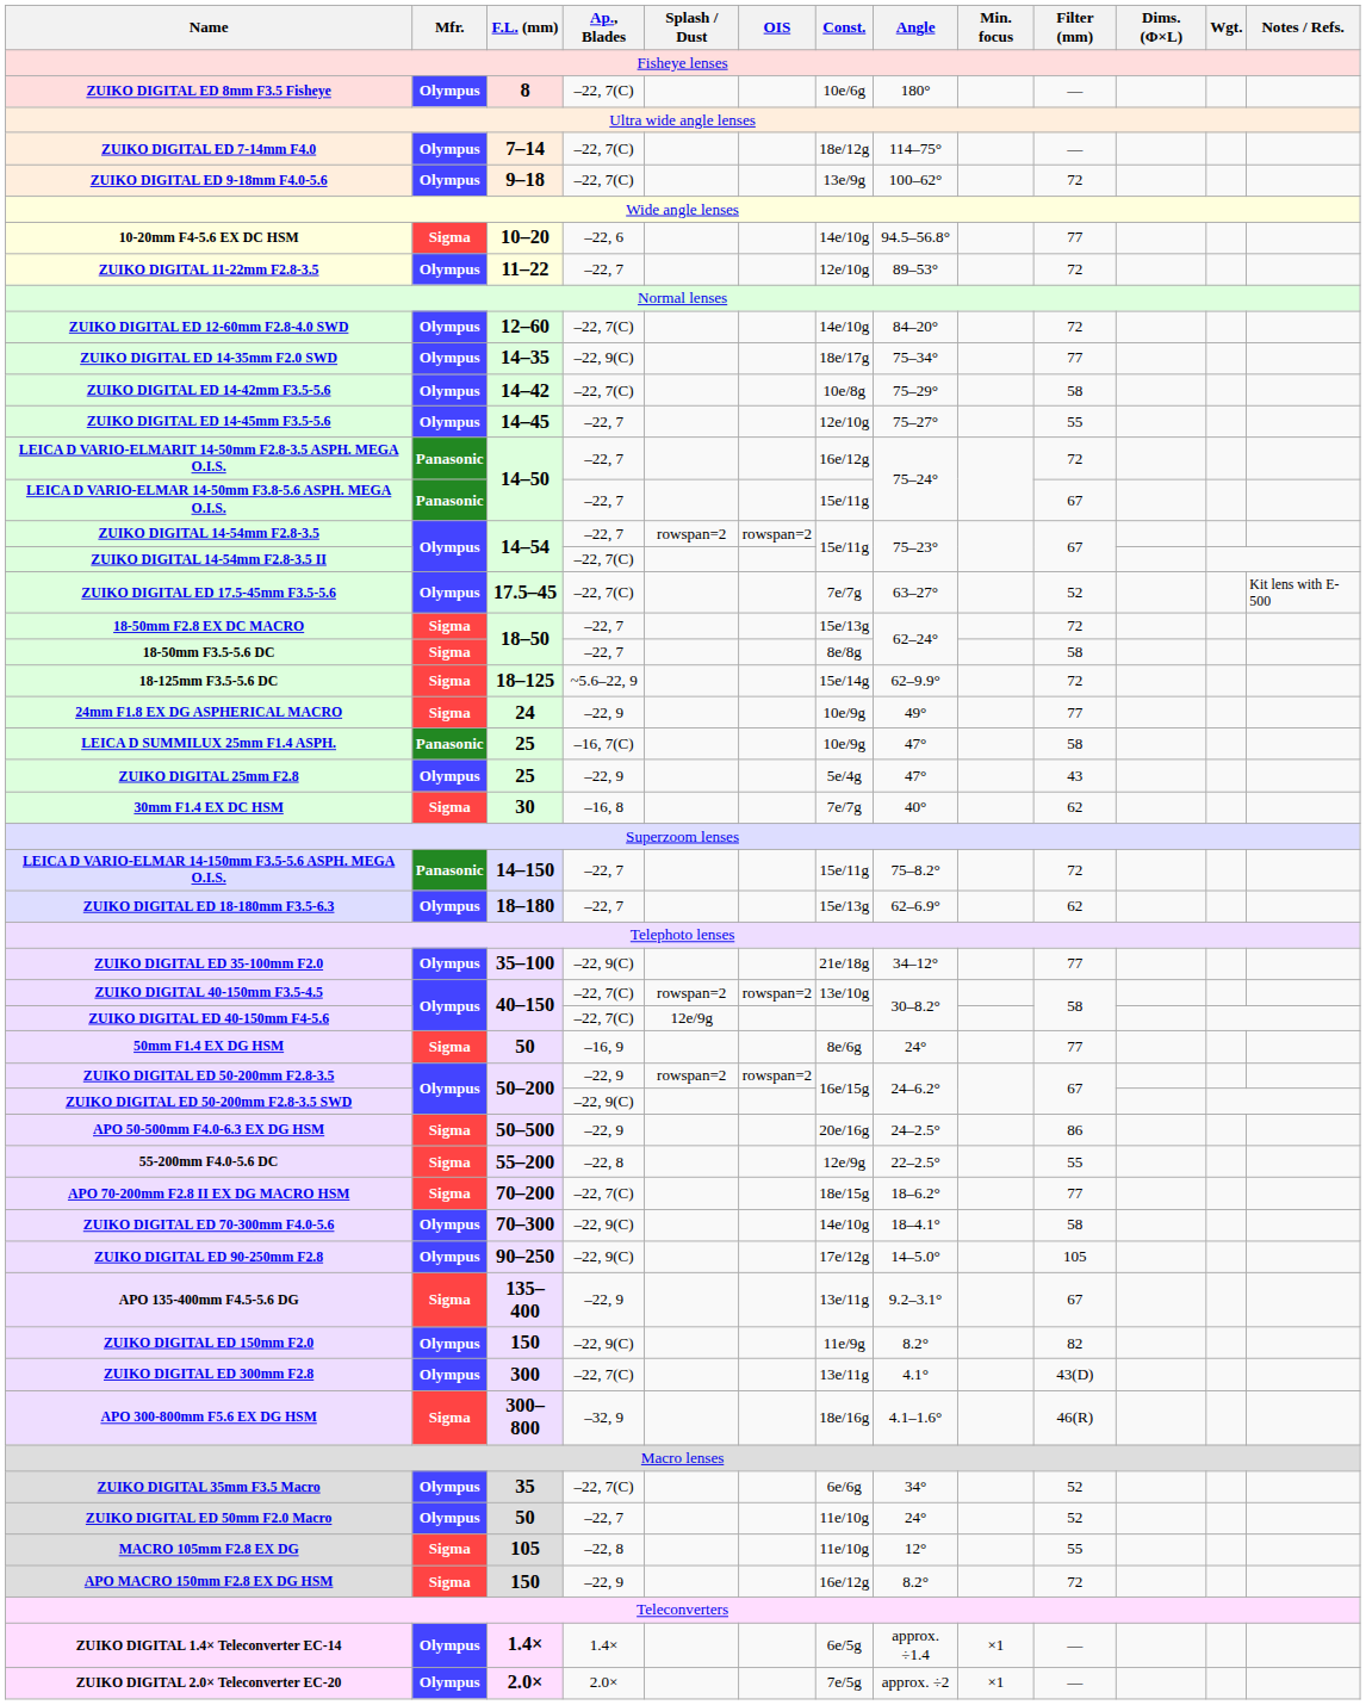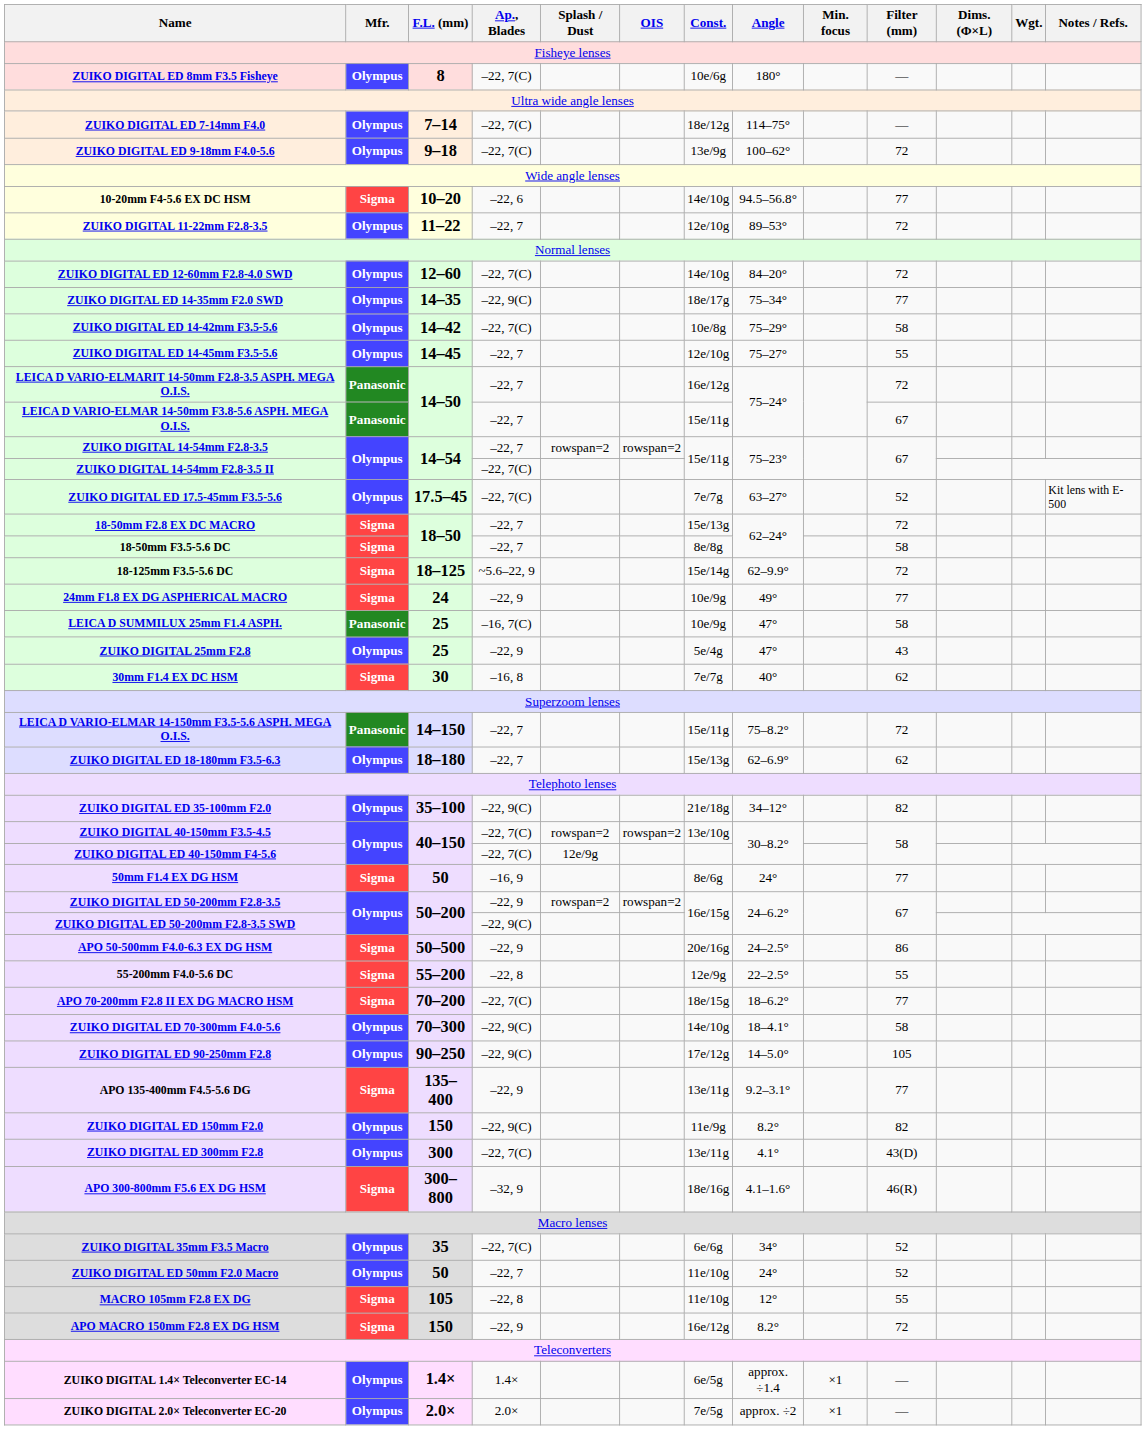 <table class="wikitable sortable" style="font-size:90%;text-align:center;">
 <tr>
 <th>Name</th>
 <th>Mfr.</th>
 <th><a href='#'>F.L.</a> (mm)</th>
 <th><a href='#'>Ap.</a>, Blades</th>
 <th>Splash / Dust</th>
 <th><a href='#'>OIS</a></th>
 <th><a href='#'>Const.</a></th>
 <th><a href='#'>Angle</a></th>
 <th>Min. focus</th>
 <th>Filter (mm)</th>
 <th>Dims. (Φ×L)</th>
 <th>Wgt.</th>
 <th class="unsortable">Notes / Refs.</th>
 </tr>
 <tr>
 <td colspan=13 style="background:#fdd;" data-sort-value=zzz-000><a href='#'>Fisheye lenses</a></td>
 </tr>
 <tr>
 <th style="background:#fdd;font-size:90%;"><a href='#'>ZUIKO DIGITAL ED 8mm F3.5 Fisheye</a></th>
 <th style="background:#44f;color:#fff;">Olympus</th>
 <th style="background:#fdd;font-size:125%">8</th>
 <td>–22, 7(C)</td>
 <td></td>
 <td></td>
 <td>10e/6g</td>
 <td>180°</td>
 <td></td>
 <td>—</td>
 <td></td>
 <td></td>
 <td style="font-size:90%;text-align:left;"></td>
 </tr>
 <tr>
 <td colspan=13 style="background:#fed;" data-sort-value=zzz-001><a href='#'>Ultra wide angle lenses</a></td>
 </tr>
 <tr>
 <th style="background:#fed;font-size:90%;"><a href='#'>ZUIKO DIGITAL ED 7-14mm F4.0</a></th>
 <th style="background:#44f;color:#fff;">Olympus</th>
 <th style="background:#fed;font-size:125%">7–14</th>
 <td>–22, 7(C)</td>
 <td></td>
 <td></td>
 <td>18e/12g</td>
 <td>114–75°</td>
 <td></td>
 <td>—</td>
 <td></td>
 <td></td>
 <td style="font-size:90%;text-align:left;"></td>
 </tr>
 <tr>
 <th style="background:#fed;font-size:90%;"><a href='#'>ZUIKO DIGITAL ED 9-18mm F4.0-5.6</a></th>
 <th style="background:#44f;color:#fff;">Olympus</th>
 <th style="background:#fed;font-size:125%">9–18</th>
 <td>–22, 7(C)</td>
 <td></td>
 <td></td>
 <td>13e/9g</td>
 <td>100–62°</td>
 <td></td>
 <td>72</td>
 <td></td>
 <td></td>
 <td style="font-size:90%;text-align:left;"></td>
 </tr>
 <tr>
 <td colspan=13 style="background:#ffd;" data-sort-value=zzz-002><a href='#'>Wide angle lenses</a></td>
 </tr>
 <tr>
 <th style="background:#ffd;font-size:90%;">10-20mm F4-5.6 EX DC HSM</th>
 <th style="background:#f44;color:#fff;">Sigma</th>
 <th style="background:#ffd;font-size:125%">10–20</th>
 <td>–22, 6</td>
 <td></td>
 <td></td>
 <td>14e/10g</td>
 <td>94.5–56.8°</td>
 <td></td>
 <td>77</td>
 <td></td>
 <td></td>
 <td style="font-size:90%;text-align:left;"></td>
 </tr>
 <tr>
 <th style="background:#ffd;font-size:90%;"><a href='#'>ZUIKO DIGITAL 11-22mm F2.8-3.5</a></th>
 <th style="background:#44f;color:#fff;">Olympus</th>
 <th style="background:#ffd;font-size:125%">11–22</th>
 <td>–22, 7</td>
 <td></td>
 <td></td>
 <td>12e/10g</td>
 <td>89–53°</td>
 <td></td>
 <td>72</td>
 <td></td>
 <td></td>
 <td style="font-size:90%;text-align:left;"></td>
 </tr>
 <tr>
 <td colspan=13 style="background:#dfd;" data-sort-value=zzz-003><a href='#'>Normal lenses</a></td>
 </tr>
 <tr>
 <th style="background:#dfd;font-size:90%;"><a href='#'>ZUIKO DIGITAL ED 12-60mm F2.8-4.0 SWD</a></th>
 <th style="background:#44f;color:#fff;">Olympus</th>
 <th style="background:#dfd;font-size:125%">12–60</th>
 <td>–22, 7(C)</td>
 <td></td>
 <td></td>
 <td>14e/10g</td>
 <td>84–20°</td>
 <td></td>
 <td>72</td>
 <td></td>
 <td></td>
 <td style="font-size:90%;text-align:left;"></td>
 </tr>
 <tr>
 <th style="background:#dfd;font-size:90%;"><a href='#'>ZUIKO DIGITAL ED 14-35mm F2.0 SWD</a></th>
 <th style="background:#44f;color:#fff;">Olympus</th>
 <th style="background:#dfd;font-size:125%">14–35</th>
 <td>–22, 9(C)</td>
 <td></td>
 <td></td>
 <td>18e/17g</td>
 <td>75–34°</td>
 <td></td>
 <td>77</td>
 <td></td>
 <td></td>
 <td style="font-size:90%;text-align:left;"></td>
 </tr>
 <tr>
 <th style="background:#dfd;font-size:90%;"><a href='#'>ZUIKO DIGITAL ED 14-42mm F3.5-5.6</a></th>
 <th style="background:#44f;color:#fff;">Olympus</th>
 <th style="background:#dfd;font-size:125%">14–42</th>
 <td>–22, 7(C)</td>
 <td></td>
 <td></td>
 <td>10e/8g</td>
 <td>75–29°</td>
 <td></td>
 <td>58</td>
 <td></td>
 <td></td>
 <td style="font-size:90%;text-align:left;"></td>
 </tr>
 <tr>
 <th style="background:#dfd;font-size:90%;"><a href='#'>ZUIKO DIGITAL ED 14-45mm F3.5-5.6</a></th>
 <th style="background:#44f;color:#fff;">Olympus</th>
 <th style="background:#dfd;font-size:125%">14–45</th>
 <td>–22, 7</td>
 <td></td>
 <td></td>
 <td>12e/10g</td>
 <td>75–27°</td>
 <td></td>
 <td>55</td>
 <td></td>
 <td></td>
 <td style="font-size:90%;text-align:left;"></td>
 </tr>
 <tr>
 <th style="background:#dfd;font-size:90%;"><a href='#'>LEICA D VARIO-ELMARIT 14-50mm F2.8-3.5 ASPH. MEGA O.I.S.</a></th>
 <th style="background:#282;color:#fff;">Panasonic</th>
 <th style="background:#dfd;font-size:125%" rowspan=2>14–50</th>
 <td>–22, 7</td>
 <td></td>
 <td></td>
 <td>16e/12g</td>
 <td rowspan=2>75–24°</td>
 <td rowspan=2></td>
 <td>72</td>
 <td></td>
 <td></td>
 <td style="font-size:90%;text-align:left;"></td>
 </tr>
 <tr>
 <th style="background:#dfd;font-size:90%;"><a href='#'>LEICA D VARIO-ELMAR 14-50mm F3.8-5.6 ASPH. MEGA O.I.S.</a></th>
 <th style="background:#282;color:#fff;">Panasonic</th>
 <td>–22, 7</td>
 <td></td>
 <td></td>
 <td>15e/11g</td>
 <td>67</td>
 <td></td>
 <td></td>
 <td style="font-size:90%;text-align:left;"></td>
 </tr>
 <tr>
 <th style="background:#dfd;font-size:90%;"><a href='#'>ZUIKO DIGITAL 14-54mm F2.8-3.5</a></th>
 <th style="background:#44f;color:#fff;" rowspan=2>Olympus</th>
 <th rowspan=2 style="background:#dfd;font-size:125%">14–54</th>
 <td>–22, 7</td>
 <td>rowspan=2 </td>
 <td>rowspan=2 </td>
 <td rowspan=2>15e/11g</td>
 <td rowspan=2>75–23°</td>
 <td rowspan=2></td>
 <td rowspan=2>67</td>
 <td></td>
 <td></td>
 <td style="font-size:90%;text-align:left;"></td>
 </tr>
 <tr>
 <th style="background:#dfd;font-size:90%;"><a href='#'>ZUIKO DIGITAL 14-54mm F2.8-3.5 II</a></th>
 <td>–22, 7(C)</td>
 <td></td>
 <td></td>
 <td style="font-size:90%;text-align:left;"></td>
 </tr>
 <tr>
 <th style="background:#dfd;font-size:90%;"><a href='#'>ZUIKO DIGITAL ED 17.5-45mm F3.5-5.6</a></th>
 <th style="background:#44f;color:#fff;">Olympus</th>
 <th style="background:#dfd;font-size:125%">17.5–45</th>
 <td>–22, 7(C)</td>
 <td></td>
 <td></td>
 <td>7e/7g</td>
 <td>63–27°</td>
 <td></td>
 <td>52</td>
 <td></td>
 <td></td>
 <td style="font-size:90%;text-align:left;">Kit lens with E-500</td>
 </tr>
 <tr>
 <th style="background:#dfd;font-size:90%;"><a href='#'>18-50mm F2.8 EX DC MACRO</a></th>
 <th style="background:#f44;color:#fff;">Sigma</th>
 <th style="background:#dfd;font-size:125%" rowspan=2>18–50</th>
 <td>–22, 7</td>
 <td></td>
 <td></td>
 <td>15e/13g</td>
 <td rowspan=2>62–24°</td>
 <td></td>
 <td>72</td>
 <td></td>
 <td></td>
 <td style="font-size:90%;text-align:left;"></td>
 </tr>
 <tr>
 <th style="background:#dfd;font-size:90%;">18-50mm F3.5-5.6 DC</th>
 <th style="background:#f44;color:#fff;">Sigma</th>
 <td>–22, 7</td>
 <td></td>
 <td></td>
 <td>8e/8g</td>
 <td></td>
 <td>58</td>
 <td></td>
 <td></td>
 <td style="font-size:90%;text-align:left;"></td>
 </tr>
 <tr>
 <th style="background:#dfd;font-size:90%;">18-125mm F3.5-5.6 DC</th>
 <th style="background:#f44;color:#fff;">Sigma</th>
 <th style="background:#dfd;font-size:125%">18–125</th>
 <td>~5.6–22, 9</td>
 <td></td>
 <td></td>
 <td>15e/14g</td>
 <td>62–9.9°</td>
 <td></td>
 <td>72</td>
 <td></td>
 <td></td>
 <td style="font-size:90%;text-align:left;"></td>
 </tr>
 <tr>
 <th style="background:#dfd;font-size:90%;"><a href='#'>24mm F1.8 EX DG ASPHERICAL MACRO</a></th>
 <th style="background:#f44;color:#fff;">Sigma</th>
 <th style="background:#dfd;font-size:125%">24</th>
 <td>–22, 9</td>
 <td></td>
 <td></td>
 <td>10e/9g</td>
 <td>49°</td>
 <td></td>
 <td>77</td>
 <td></td>
 <td></td>
 <td style="font-size:90%;text-align:left;"></td>
 </tr>
 <tr>
 <th style="background:#dfd;font-size:90%;"><a href='#'>LEICA D SUMMILUX 25mm F1.4 ASPH.</a></th>
 <th style="background:#282;color:#fff;">Panasonic</th>
 <th style="background:#dfd;font-size:125%">25</th>
 <td>–16, 7(C)</td>
 <td></td>
 <td></td>
 <td>10e/9g</td>
 <td>47°</td>
 <td></td>
 <td>58</td>
 <td></td>
 <td></td>
 <td style="font-size:90%;text-align:left;"></td>
 </tr>
 <tr>
 <th style="background:#dfd;font-size:90%;"><a href='#'>ZUIKO DIGITAL 25mm F2.8</a></th>
 <th style="background:#44f;color:#fff;">Olympus</th>
 <th style="background:#dfd;font-size:125%">25</th>
 <td>–22, 9</td>
 <td></td>
 <td></td>
 <td>5e/4g</td>
 <td>47°</td>
 <td></td>
 <td>43</td>
 <td></td>
 <td></td>
 <td style="font-size:90%;text-align:left;"></td>
 </tr>
 <tr>
 <th style="background:#dfd;font-size:90%;"><a href='#'>30mm F1.4 EX DC HSM</a></th>
 <th style="background:#f44;color:#fff;">Sigma</th>
 <th style="background:#dfd;font-size:125%">30</th>
 <td>–16, 8</td>
 <td></td>
 <td></td>
 <td>7e/7g</td>
 <td>40°</td>
 <td></td>
 <td>62</td>
 <td></td>
 <td></td>
 <td style="font-size:90%;text-align:left;"></td>
 </tr>
 <tr>
 <td colspan=13 style="background:#ddf;" data-sort-value=zzz-004><a href='#'>Superzoom lenses</a></td>
 </tr>
 <tr>
 <th style="background:#ddf;font-size:90%;"><a href='#'>LEICA D VARIO-ELMAR 14-150mm F3.5-5.6 ASPH. MEGA O.I.S.</a></th>
 <th style="background:#282;color:#fff;">Panasonic</th>
 <th style="background:#ddf;font-size:125%">14–150</th>
 <td>–22, 7</td>
 <td></td>
 <td></td>
 <td>15e/11g</td>
 <td>75–8.2°</td>
 <td></td>
 <td>72</td>
 <td></td>
 <td></td>
 <td style="font-size:90%;text-align:left;"></td>
 </tr>
 <tr>
 <th style="background:#ddf;font-size:90%;"><a href='#'>ZUIKO DIGITAL ED 18-180mm F3.5-6.3</a></th>
 <th style="background:#44f;color:#fff;">Olympus</th>
 <th style="background:#ddf;font-size:125%">18–180</th>
 <td>–22, 7</td>
 <td></td>
 <td></td>
 <td>15e/13g</td>
 <td>62–6.9°</td>
 <td></td>
 <td>62</td>
 <td></td>
 <td></td>
 <td style="font-size:90%;text-align:left;"></td>
 </tr>
 <tr>
 <td colspan=13 style="background:#edf;" data-sort-value=zzz-005><a href='#'>Telephoto lenses</a></td>
 </tr>
 <tr>
 <th style="background:#edf;font-size:90%;"><a href='#'>ZUIKO DIGITAL ED 35-100mm F2.0</a></th>
 <th style="background:#44f;color:#fff;">Olympus</th>
 <th style="background:#edf;font-size:125%">35–100</th>
 <td>–22, 9(C)</td>
 <td></td>
 <td></td>
 <td>21e/18g</td>
 <td>34–12°</td>
 <td></td>
-<td>77</td>
+<td>82</td>
 <td></td>
 <td></td>
 <td style="font-size:90%;text-align:left;"></td>
 </tr>
 <tr>
 <th style="background:#edf;font-size:90%;"><a href='#'>ZUIKO DIGITAL 40-150mm F3.5-4.5</a></th>
 <th style="background:#44f;color:#fff;" rowspan=2>Olympus</th>
 <th style="background:#edf;font-size:125%" rowspan=2>40–150</th>
 <td>–22, 7(C)</td>
 <td>rowspan=2 </td>
 <td>rowspan=2 </td>
 <td>13e/10g</td>
 <td rowspan=2>30–8.2°</td>
 <td></td>
 <td rowspan=2>58</td>
 <td></td>
 <td></td>
 <td style="font-size:90%;text-align:left;"></td>
 </tr>
 <tr>
 <th style="background:#edf;font-size:90%;"><a href='#'>ZUIKO DIGITAL ED 40-150mm F4-5.6</a></th>
 <td>–22, 7(C)</td>
 <td>12e/9g</td>
 <td></td>
 <td></td>
 <td></td>
 <td style="font-size:90%;text-align:left;"></td>
 </tr>
 <tr>
 <th style="background:#edf;font-size:90%;"><a href='#'>50mm F1.4 EX DG HSM</a></th>
 <th style="background:#f44;color:#fff;">Sigma</th>
 <th style="background:#edf;font-size:125%">50</th>
 <td>–16, 9</td>
 <td></td>
 <td></td>
 <td>8e/6g</td>
 <td>24°</td>
 <td></td>
 <td>77</td>
 <td></td>
 <td></td>
 <td style="font-size:90%;text-align:left;"></td>
 </tr>
 <tr>
 <th style="background:#edf;font-size:90%;"><a href='#'>ZUIKO DIGITAL ED 50-200mm F2.8-3.5</a></th>
 <th style="background:#44f;color:#fff;" rowspan=2>Olympus</th>
 <th style="background:#edf;font-size:125%" rowspan=2>50–200</th>
 <td>–22, 9</td>
 <td>rowspan=2 </td>
 <td>rowspan=2 </td>
 <td rowspan=2>16e/15g</td>
 <td rowspan=2>24–6.2°</td>
 <td rowspan=2></td>
 <td rowspan=2>67</td>
 <td></td>
 <td></td>
 <td style="font-size:90%;text-align:left;"></td>
 </tr>
 <tr>
 <th style="background:#edf;font-size:90%;"><a href='#'>ZUIKO DIGITAL ED 50-200mm F2.8-3.5 SWD</a></th>
 <td>–22, 9(C)</td>
 <td></td>
 <td></td>
 <td style="font-size:90%;text-align:left;"></td>
 </tr>
 <tr>
 <th style="background:#edf;font-size:90%;"><a href='#'>APO 50-500mm F4.0-6.3 EX DG HSM</a></th>
 <th style="background:#f44;color:#fff;">Sigma</th>
 <th style="background:#edf;font-size:125%">50–500</th>
 <td>–22, 9</td>
 <td></td>
 <td></td>
 <td>20e/16g</td>
 <td>24–2.5°</td>
 <td></td>
 <td>86</td>
 <td></td>
 <td></td>
 <td style="font-size:90%;text-align:left;"></td>
 </tr>
 <tr>
 <th style="background:#edf;font-size:90%;">55-200mm F4.0-5.6 DC</th>
 <th style="background:#f44;color:#fff;">Sigma</th>
 <th style="background:#edf;font-size:125%">55–200</th>
 <td>–22, 8</td>
 <td></td>
 <td></td>
 <td>12e/9g</td>
 <td>22–2.5°</td>
 <td></td>
 <td>55</td>
 <td></td>
 <td></td>
 <td style="font-size:90%;text-align:left;"></td>
 </tr>
 <tr>
 <th style="background:#edf;font-size:90%;"><a href='#'>APO 70-200mm F2.8 II EX DG MACRO HSM</a></th>
 <th style="background:#f44;color:#fff;">Sigma</th>
 <th style="background:#edf;font-size:125%">70–200</th>
 <td>–22, 7(C)</td>
 <td></td>
 <td></td>
 <td>18e/15g</td>
 <td>18–6.2°</td>
 <td></td>
 <td>77</td>
 <td></td>
 <td></td>
 <td style="font-size:90%;text-align:left;"></td>
 </tr>
 <tr>
 <th style="background:#edf;font-size:90%;"><a href='#'>ZUIKO DIGITAL ED 70-300mm F4.0-5.6</a></th>
 <th style="background:#44f;color:#fff;">Olympus</th>
 <th style="background:#edf;font-size:125%">70–300</th>
 <td>–22, 9(C)</td>
 <td></td>
 <td></td>
 <td>14e/10g</td>
 <td>18–4.1°</td>
 <td></td>
 <td>58</td>
 <td></td>
 <td></td>
 <td style="font-size:90%;text-align:left;"></td>
 </tr>
 <tr>
 <th style="background:#edf;font-size:90%;"><a href='#'>ZUIKO DIGITAL ED 90-250mm F2.8</a></th>
 <th style="background:#44f;color:#fff;">Olympus</th>
 <th style="background:#edf;font-size:125%">90–250</th>
 <td>–22, 9(C)</td>
 <td></td>
 <td></td>
 <td>17e/12g</td>
 <td>14–5.0°</td>
 <td></td>
 <td>105</td>
 <td></td>
 <td></td>
 <td style="font-size:90%;text-align:left;"></td>
 </tr>
 <tr>
 <th style="background:#edf;font-size:90%;">APO 135-400mm F4.5-5.6 DG</th>
 <th style="background:#f44;color:#fff;">Sigma</th>
 <th style="background:#edf;font-size:125%">135–400</th>
 <td>–22, 9</td>
 <td></td>
 <td></td>
 <td>13e/11g</td>
 <td>9.2–3.1°</td>
 <td></td>
-<td>67</td>
+<td>77</td>
 <td></td>
 <td></td>
 <td style="font-size:90%;text-align:left;"></td>
 </tr>
 <tr>
 <th style="background:#edf;font-size:90%;"><a href='#'>ZUIKO DIGITAL ED 150mm F2.0</a></th>
 <th style="background:#44f;color:#fff;">Olympus</th>
 <th style="background:#edf;font-size:125%">150</th>
 <td>–22, 9(C)</td>
 <td></td>
 <td></td>
 <td>11e/9g</td>
 <td>8.2°</td>
 <td></td>
 <td>82</td>
 <td></td>
 <td></td>
 <td style="font-size:90%;text-align:left;"></td>
 </tr>
 <tr>
 <th style="background:#edf;font-size:90%;"><a href='#'>ZUIKO DIGITAL ED 300mm F2.8</a></th>
 <th style="background:#44f;color:#fff;">Olympus</th>
 <th style="background:#edf;font-size:125%">300</th>
 <td>–22, 7(C)</td>
 <td></td>
 <td></td>
 <td>13e/11g</td>
 <td>4.1°</td>
 <td></td>
 <td>43(D)</td>
 <td></td>
 <td></td>
 <td style="font-size:90%;text-align:left;"></td>
 </tr>
 <tr>
 <th style="background:#edf;font-size:90%;"><a href='#'>APO 300-800mm F5.6 EX DG HSM</a></th>
 <th style="background:#f44;color:#fff;">Sigma</th>
 <th style="background:#edf;font-size:125%">300–800</th>
 <td>–32, 9</td>
 <td></td>
 <td></td>
 <td>18e/16g</td>
 <td>4.1–1.6°</td>
 <td></td>
 <td>46(R)</td>
 <td></td>
 <td></td>
 <td style="font-size:90%;text-align:left;"></td>
 </tr>
 <tr>
 <td colspan=13 style="background:#ddd;" data-sort-value=zzz-006><a href='#'>Macro lenses</a></td>
 </tr>
 <tr>
 <th style="background:#ddd;font-size:90%;"><a href='#'>ZUIKO DIGITAL 35mm F3.5 Macro</a></th>
 <th style="background:#44f;color:#fff;">Olympus</th>
 <th style="background:#ddd;font-size:125%">35</th>
 <td>–22, 7(C)</td>
 <td></td>
 <td></td>
 <td>6e/6g</td>
 <td>34°</td>
 <td></td>
 <td>52</td>
 <td></td>
 <td></td>
 <td style="font-size:90%;text-align:left;"></td>
 </tr>
 <tr>
 <th style="background:#ddd;font-size:90%;"><a href='#'>ZUIKO DIGITAL ED 50mm F2.0 Macro</a></th>
 <th style="background:#44f;color:#fff;">Olympus</th>
 <th style="background:#ddd;font-size:125%">50</th>
 <td>–22, 7</td>
 <td></td>
 <td></td>
 <td>11e/10g</td>
 <td>24°</td>
 <td></td>
 <td>52</td>
 <td></td>
 <td></td>
 <td style="font-size:90%;text-align:left;"></td>
 </tr>
 <tr>
 <th style="background:#ddd;font-size:90%;"><a href='#'>MACRO 105mm F2.8 EX DG</a></th>
 <th style="background:#f44;color:#fff;">Sigma</th>
 <th style="background:#ddd;font-size:125%">105</th>
 <td>–22, 8</td>
 <td></td>
 <td></td>
 <td>11e/10g</td>
 <td>12°</td>
 <td></td>
 <td>55</td>
 <td></td>
 <td></td>
 <td style="font-size:90%;text-align:left;"></td>
 </tr>
 <tr>
 <th style="background:#ddd;font-size:90%;"><a href='#'>APO MACRO 150mm F2.8 EX DG HSM</a></th>
 <th style="background:#f44;color:#fff;">Sigma</th>
 <th style="background:#ddd;font-size:125%">150</th>
 <td>–22, 9</td>
 <td></td>
 <td></td>
 <td>16e/12g</td>
 <td>8.2°</td>
 <td></td>
 <td>72</td>
 <td></td>
 <td></td>
 <td style="font-size:90%;text-align:left;"></td>
 </tr>
 <tr>
 <td colspan=13 style="background:#fdf;" data-sort-value=zzz-007><a href='#'>Teleconverters</a></td>
 </tr>
 <tr>
 <th style="background:#fdf;font-size:90%;">ZUIKO DIGITAL 1.4× Teleconverter EC-14</th>
 <th style="background:#44f;color:#fff;">Olympus</th>
 <th style="background:#fdf;font-size:125%">1.4×</th>
 <td>1.4×</td>
 <td></td>
 <td></td>
 <td>6e/5g</td>
 <td>approx. ÷1.4</td>
 <td>×1</td>
 <td>—</td>
 <td></td>
 <td></td>
 <td style="font-size:90%;text-align:left;"></td>
 </tr>
 <tr>
 <th style="background:#fdf;font-size:90%;">ZUIKO DIGITAL 2.0× Teleconverter EC-20</th>
 <th style="background:#44f;color:#fff;">Olympus</th>
 <th style="background:#fdf;font-size:125%">2.0×</th>
 <td>2.0×</td>
 <td></td>
 <td></td>
 <td>7e/5g</td>
 <td>approx. ÷2</td>
 <td>×1</td>
 <td>—</td>
 <td></td>
 <td></td>
 <td style="font-size:90%;text-align:left;"></td>
 </tr>
 </table>
